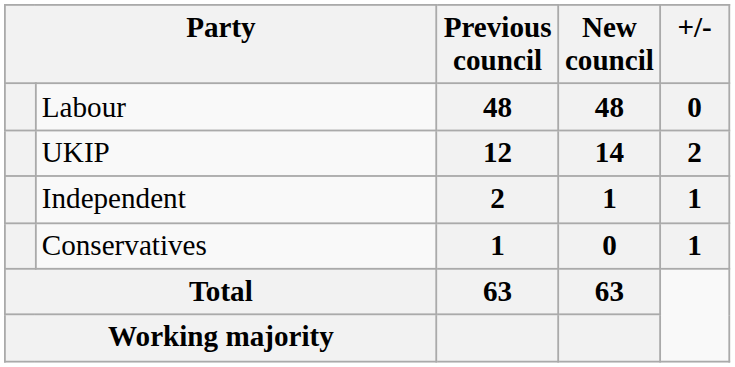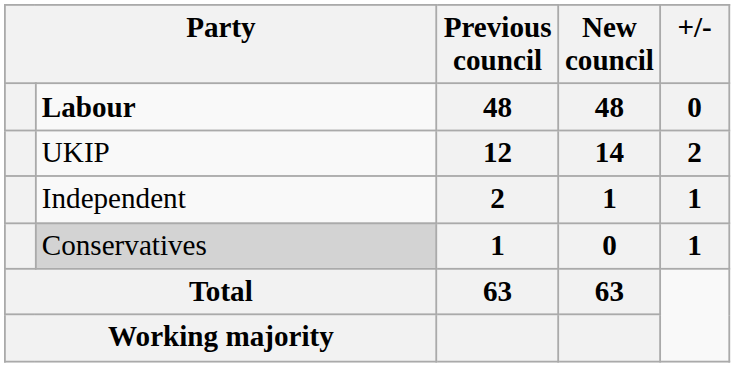 <table class="wikitable">
 <tr>
 <th valign=top colspan="2" style="width: 230px">Party</th>
 <th valign=top style="width: 30px">Previous council</th>
 <th valign=top style="width: 30px">New council</th>
 <th valign=top style="width: 30px">+/-</th>
 </tr>
 <tr>
 <th style="background-color: "></th>
-<td>Labour</td>
+<td><strong>Labour</strong></td>
 <th align=center>48</th>
 <th align=center>48</th>
 <th align=center>0</th>
 </tr>
 <tr>
 <th style="background-color: "></th>
 <td>UKIP</td>
 <th align=center>12</th>
 <th align=center>14</th>
 <th align=center>2</th>
 </tr>
 <tr>
 <th style="background-color: "></th>
 <td>Independent</td>
 <th align=center>2</th>
 <th align=center>1</th>
 <th align=center>1</th>
 </tr>
 <tr>
 <th style="background-color: "></th>
-<td>Conservatives</td>
+<td style="background: lightgrey;">Conservatives</td>
 <th align=center>1</th>
 <th align=center>0</th>
 <th align=center>1</th>
 </tr>
 <tr>
 <th colspan=2>Total</th>
 <th style="text-align: center">63</th>
 <th style="text-align: center">63</th>
 </tr>
 <tr>
 <th colspan=2>Working majority</th>
 <th></th>
 <th></th>
 </tr>
 </table>
